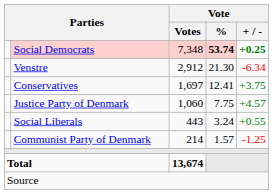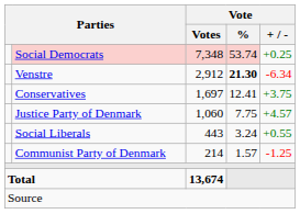 <table class="wikitable" style="text-align:right;">
 <tr>
 <th style="text-align:centre;" rowspan="2" colspan="2" width="225">Parties</th>
 <th colspan="3">Vote</th>
 </tr>
 <tr>
 <th width="15">Votes</th>
 <th width="15">%</th>
 <th width="15">+ / -</th>
 </tr>
 <tr>
 <td width="2" style="color:inherit;background:"></td>
 <td bgcolor=#fbd0ce  align="left"><a href='#'>Social Democrats</a></td>
 <td bgcolor=#fbd0ce>7,348</td>
-<td bgcolor=#fbd0ce><strong>53.74</strong></td>
-<td style=color:green;><strong>+0.25</strong></td>
+<td bgcolor=#fbd0ce>53.74</td>
+<td style=color:green;>+0.25</td>
 </tr>
 <tr>
 <td width="2" style="color:inherit;background:"></td>
 <td align="left"><a href='#'>Venstre</a></td>
 <td>2,912</td>
-<td>21.30</td>
+<td><strong>21.30</strong></td>
 <td style=color:red;>-6.34</td>
 </tr>
 <tr>
 <td width="2" style="color:inherit;background:"></td>
 <td align="left"><a href='#'>Conservatives</a></td>
 <td>1,697</td>
 <td>12.41</td>
 <td style=color:green;>+3.75</td>
 </tr>
 <tr>
 <td width="2" style="color:inherit;background:"></td>
 <td align="left"><a href='#'>Justice Party of Denmark</a></td>
 <td>1,060</td>
 <td>7.75</td>
 <td style=color:green;>+4.57</td>
 </tr>
 <tr>
 <td width="2" style="color:inherit;background:"></td>
 <td align="left"><a href='#'>Social Liberals</a></td>
 <td>443</td>
 <td>3.24</td>
 <td style=color:green;>+0.55</td>
 </tr>
 <tr>
 <td width="2" style="color:inherit;background:"></td>
 <td align="left"><a href='#'>Communist Party of Denmark</a></td>
 <td>214</td>
 <td>1.57</td>
 <td style=color:red;>-1.25</td>
 </tr>
 <tr>
 <td colspan="7" bgcolor="#E9E9E9"></td>
 </tr>
 <tr>
 <td align="left" colspan="2"><strong>Total</strong></td>
 <td><strong>13,674</strong></td>
 <td bgcolor="#E9E9E9" colspan="2"></td>
 </tr>
 <tr>
 <td align="left" colspan="6">Source</td>
 </tr>
 </table>
